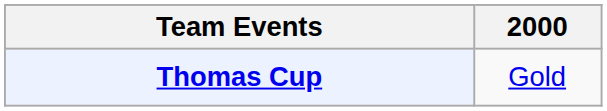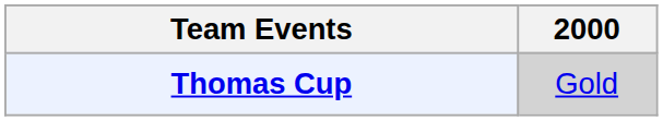 <table class="wikitable" style="font-size: 90%; text-align:center">
 <tr>
 <th width=180>Team Events</th>
 <th>2000</th>
 </tr>
 <tr style="height: 30px;">
 <td bgcolor=ECF2FF style="width: 240px;align=left"><strong><a href='#'>Thomas Cup</a></strong></td>
-<td style="width: 60px"> <a href='#'>Gold</a></td>
+<td style="background: lightgrey; width: 60px"> <a href='#'>Gold</a></td>
 </tr>
 </table>
